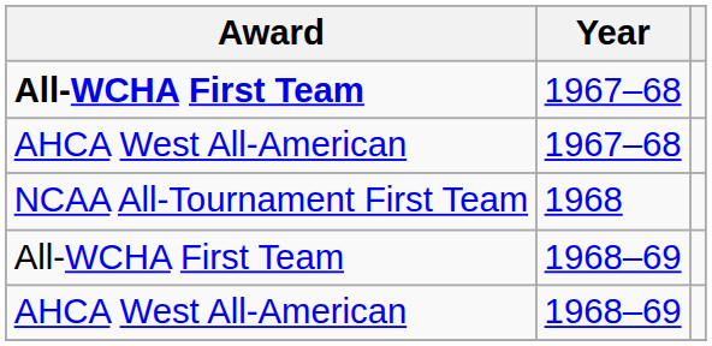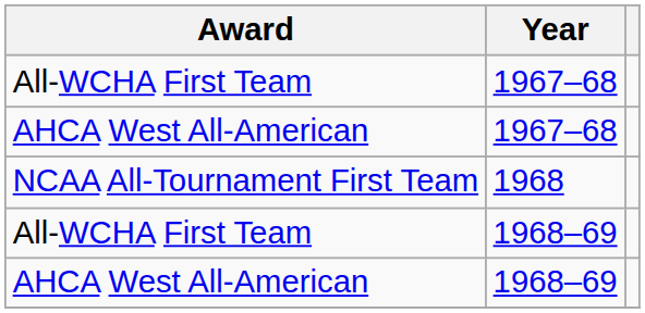 <table class="wikitable">
 <tr>
 <th>Award</th>
 <th>Year</th>
 <th></th>
 </tr>
 <tr>
-<td><strong>All-<a href='#'>WCHA</a> <a href='#'>First Team</a></strong></td>
+<td>All-<a href='#'>WCHA</a> <a href='#'>First Team</a></td>
 <td><a href='#'>1967–68</a></td>
 <td></td>
 </tr>
 <tr>
 <td><a href='#'>AHCA</a> <a href='#'>West All-American</a></td>
 <td><a href='#'>1967–68</a></td>
 <td></td>
 </tr>
 <tr>
 <td><a href='#'>NCAA</a> <a href='#'>All-Tournament First Team</a></td>
 <td><a href='#'>1968</a></td>
 <td></td>
 </tr>
 <tr>
 <td>All-<a href='#'>WCHA</a> <a href='#'>First Team</a></td>
 <td><a href='#'>1968–69</a></td>
 <td></td>
 </tr>
 <tr>
 <td><a href='#'>AHCA</a> <a href='#'>West All-American</a></td>
 <td><a href='#'>1968–69</a></td>
 <td></td>
 </tr>
 <tr>
 </tr>
 </table>
